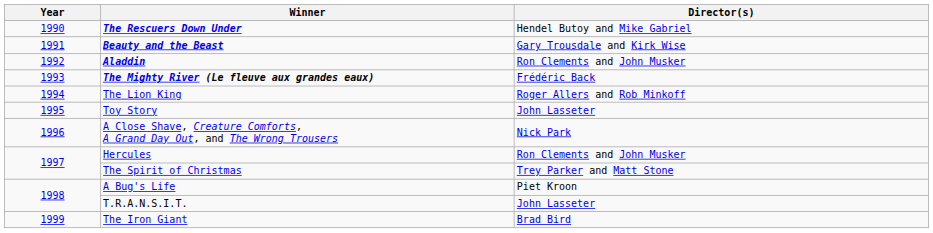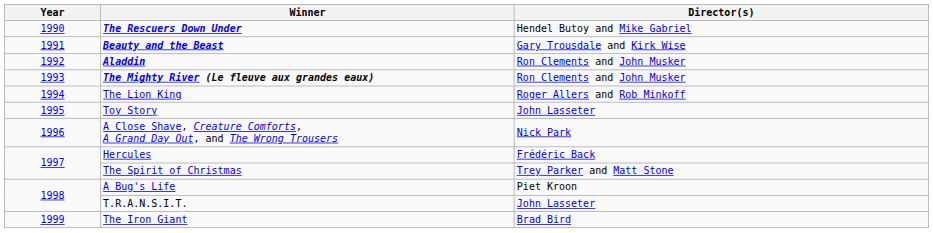 <table class="wikitable" width="95%" cellpadding="5">
 <tr>
 <th width="100"><strong>Year</strong></th>
 <th width="450"><strong>Winner</strong></th>
 <th width="450"><strong>Director(s)</strong></th>
 </tr>
 <tr>
 <td style="text-align:center;"><a href='#'>1990</a></td>
 <td><strong><em><a href='#'>The Rescuers Down Under</a></em></strong></td>
 <td>Hendel Butoy and <a href='#'>Mike Gabriel</a></td>
 </tr>
 <tr>
 <td style="text-align:center;"><a href='#'>1991</a></td>
 <td><strong><em><a href='#'>Beauty and the Beast</a></em></strong></td>
 <td><a href='#'>Gary Trousdale</a> and <a href='#'>Kirk Wise</a></td>
 </tr>
 <tr>
 <td style="text-align:center;"><a href='#'>1992</a></td>
 <td><strong><em><a href='#'>Aladdin</a></em></strong></td>
 <td><a href='#'>Ron Clements</a> and <a href='#'>John Musker</a></td>
 </tr>
 <tr>
 <td style="text-align:center;"><a href='#'>1993</a></td>
 <td><strong><em><a href='#'>The Mighty River</a><strong> (Le fleuve aux grandes eaux)<em></td>
-<td><a href='#'>Frédéric Back</a></td>
+<td><a href='#'>Ron Clements</a> and <a href='#'>John Musker</a></td>
 </tr>
 <tr>
 <td style="text-align:center;"><a href='#'>1994</a></td>
 <td></em></strong><a href='#'>The Lion King</a><strong><em></td>
 <td><a href='#'>Roger Allers</a> and <a href='#'>Rob Minkoff</a></td>
 </tr>
 <tr>
 <td style="text-align:center;"><a href='#'>1995</a></td>
 <td></em></strong><a href='#'>Toy Story</a><strong><em></td>
 <td><a href='#'>John Lasseter</a></td>
 </tr>
 <tr>
 <td style="text-align:center;"><a href='#'>1996</a></td>
 <td></em></strong><a href='#'>A Close Shave</a></em>, <em><a href='#'>Creature Comforts</a></em>, <br> <em><a href='#'>A Grand Day Out</a></em>, and <em><a href='#'>The Wrong Trousers</a><strong><em></td>
 <td><a href='#'>Nick Park</a></td>
 </tr>
 <tr>
 <td rowspan="2" style="text-align:center;"><a href='#'>1997</a></td>
 <td></em></strong><a href='#'>Hercules</a><strong><em></td>
-<td><a href='#'>Ron Clements</a> and <a href='#'>John Musker</a></td>
+<td><a href='#'>Frédéric Back</a></td>
 </tr>
 <tr>
 <td></em></strong><a href='#'>The Spirit of Christmas</a><strong><em></td>
 <td><a href='#'>Trey Parker</a> and <a href='#'>Matt Stone</a></td>
 </tr>
 <tr>
 <td rowspan="2" style="text-align:center;"><a href='#'>1998</a></td>
 <td></em></strong><a href='#'>A Bug's Life</a><strong><em></td>
 <td>Piet Kroon</td>
 </tr>
 <tr>
 <td></em></strong>T.R.A.N.S.I.T.<strong><em></td>
 <td><a href='#'>John Lasseter</a></td>
 </tr>
 <tr>
 <td style="text-align:center;"><a href='#'>1999</a></td>
 <td></em></strong><a href='#'>The Iron Giant</a><strong><em></td>
 <td><a href='#'>Brad Bird</a></td>
 </tr>
 </table>
